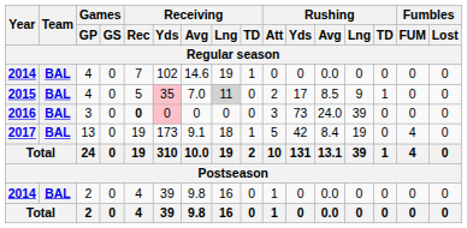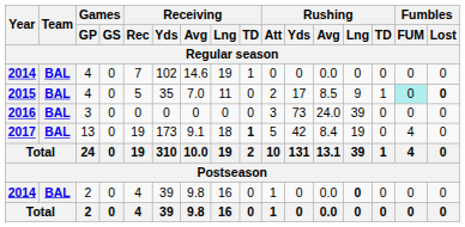 <table class="wikitable" style="text-align: center;">
 <tr>
 <th rowspan="2">Year</th>
 <th rowspan="2">Team</th>
 <th colspan="2">Games</th>
 <th colspan="5">Receiving</th>
 <th colspan="5">Rushing</th>
 <th colspan="2">Fumbles</th>
 </tr>
 <tr>
 <th>GP</th>
 <th>GS</th>
 <th>Rec</th>
 <th>Yds</th>
 <th>Avg</th>
 <th>Lng</th>
 <th>TD</th>
 <th>Att</th>
 <th>Yds</th>
 <th>Avg</th>
 <th>Lng</th>
 <th>TD</th>
 <th>FUM</th>
 <th>Lost</th>
 </tr>
 <tr>
 <th colspan=16><strong>Regular season</strong></th>
 </tr>
 <tr>
 <th><a href='#'>2014</a></th>
 <th><a href='#'>BAL</a></th>
 <td>4</td>
 <td>0</td>
 <td>7</td>
 <td>102</td>
 <td>14.6</td>
 <td>19</td>
 <td>1</td>
 <td>0</td>
 <td>0</td>
 <td>0.0</td>
 <td>0</td>
 <td>0</td>
 <td>0</td>
 <td>0</td>
 </tr>
 <tr>
 <th><a href='#'>2015</a></th>
 <th><a href='#'>BAL</a></th>
 <td>4</td>
 <td>0</td>
 <td>5</td>
-<td style="background: pink;">35</td>
+<td>35</td>
 <td>7.0</td>
-<td style="background: lightgrey;">11</td>
+<td>11</td>
 <td>0</td>
 <td>2</td>
 <td>17</td>
 <td>8.5</td>
 <td>9</td>
 <td>1</td>
-<td>0</td>
-<td>0</td>
+<td style="background: paleturquoise;">0</td>
+<td><strong>0</strong></td>
 </tr>
 <tr>
 <th><a href='#'>2016</a></th>
 <th><a href='#'>BAL</a></th>
 <td>3</td>
 <td>0</td>
-<td><strong>0</strong></td>
-<td style="background: pink;">0</td>
+<td>0</td>
+<td>0</td>
 <td>0</td>
 <td>0</td>
 <td>0</td>
 <td>3</td>
 <td>73</td>
 <td>24.0</td>
 <td>39</td>
 <td>0</td>
 <td>0</td>
 <td>0</td>
 </tr>
 <tr>
 <th><a href='#'>2017</a></th>
 <th><a href='#'>BAL</a></th>
 <td>13</td>
 <td>0</td>
 <td>19</td>
 <td>173</td>
 <td>9.1</td>
 <td>18</td>
-<td>1</td>
+<td><strong>1</strong></td>
 <td>5</td>
 <td>42</td>
 <td>8.4</td>
 <td>19</td>
 <td>0</td>
 <td>4</td>
 <td>0</td>
 </tr>
 <tr>
 <th colspan="2">Total</th>
 <th>24</th>
 <th>0</th>
 <th>19</th>
 <th>310</th>
 <th>10.0</th>
 <th>19</th>
 <th>2</th>
 <th>10</th>
 <th>131</th>
 <th>13.1</th>
 <th>39</th>
 <th>1</th>
 <th>4</th>
 <th>0</th>
 </tr>
 <tr>
 <th colspan=16><strong>Postseason</strong></th>
 </tr>
 <tr>
 <th><a href='#'>2014</a></th>
 <th><a href='#'>BAL</a></th>
 <td>2</td>
 <td>0</td>
 <td>4</td>
 <td>39</td>
 <td>9.8</td>
 <td>16</td>
 <td>0</td>
 <td>1</td>
 <td>0</td>
 <td>0.0</td>
-<td>0</td>
+<td><strong>0</strong></td>
 <td>0</td>
 <td>0</td>
 <td>0</td>
 </tr>
 <tr>
 <th colspan="2">Total</th>
 <th>2</th>
 <th>0</th>
 <th>4</th>
 <th>39</th>
 <th>9.8</th>
 <th>16</th>
 <th>0</th>
 <th>1</th>
 <th>0</th>
 <th>0.0</th>
 <th>0</th>
 <th>0</th>
 <th>0</th>
 <th>0</th>
 </tr>
 </table>
